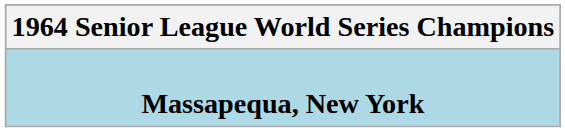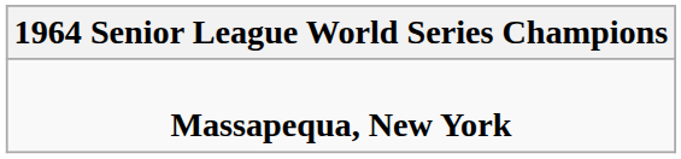 <table class="wikitable" style="text-align: center; margin: 0 auto;">
 <tr>
 <th>1964 Senior League World Series Champions</th>
 </tr>
 <tr>
-<td style="background: lightblue;"><br><strong>Massapequa, New York</strong></td>
+<td><br><strong>Massapequa, New York</strong></td>
 </tr>
 </table>
